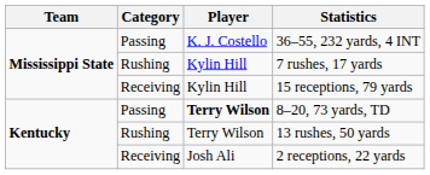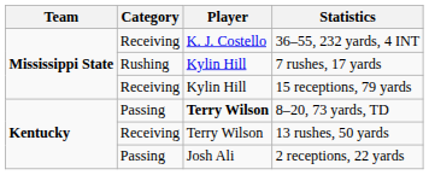 <table class="wikitable" style="float: right;">
 <tr>
 <th>Team</th>
 <th>Category</th>
 <th>Player</th>
 <th>Statistics</th>
 </tr>
 <tr>
 <td rowspan=3><strong>Mississippi State</strong></td>
-<td>Passing</td>
+<td>Receiving</td>
 <td><a href='#'>K. J. Costello</a></td>
 <td>36–55, 232 yards, 4 INT</td>
 </tr>
 <tr>
 <td>Rushing</td>
 <td><a href='#'>Kylin Hill</a></td>
 <td>7 rushes, 17 yards</td>
 </tr>
 <tr>
 <td>Receiving</td>
 <td>Kylin Hill</td>
 <td>15 receptions, 79 yards</td>
 </tr>
 <tr>
 <td rowspan=3><strong>Kentucky</strong></td>
 <td>Passing</td>
 <td><strong>Terry Wilson</strong></td>
 <td>8–20, 73 yards, TD</td>
 </tr>
 <tr>
-<td>Rushing</td>
+<td>Receiving</td>
 <td>Terry Wilson</td>
 <td>13 rushes, 50 yards</td>
 </tr>
 <tr>
-<td>Receiving</td>
+<td>Passing</td>
 <td>Josh Ali</td>
 <td>2 receptions, 22 yards</td>
 </tr>
 </table>
